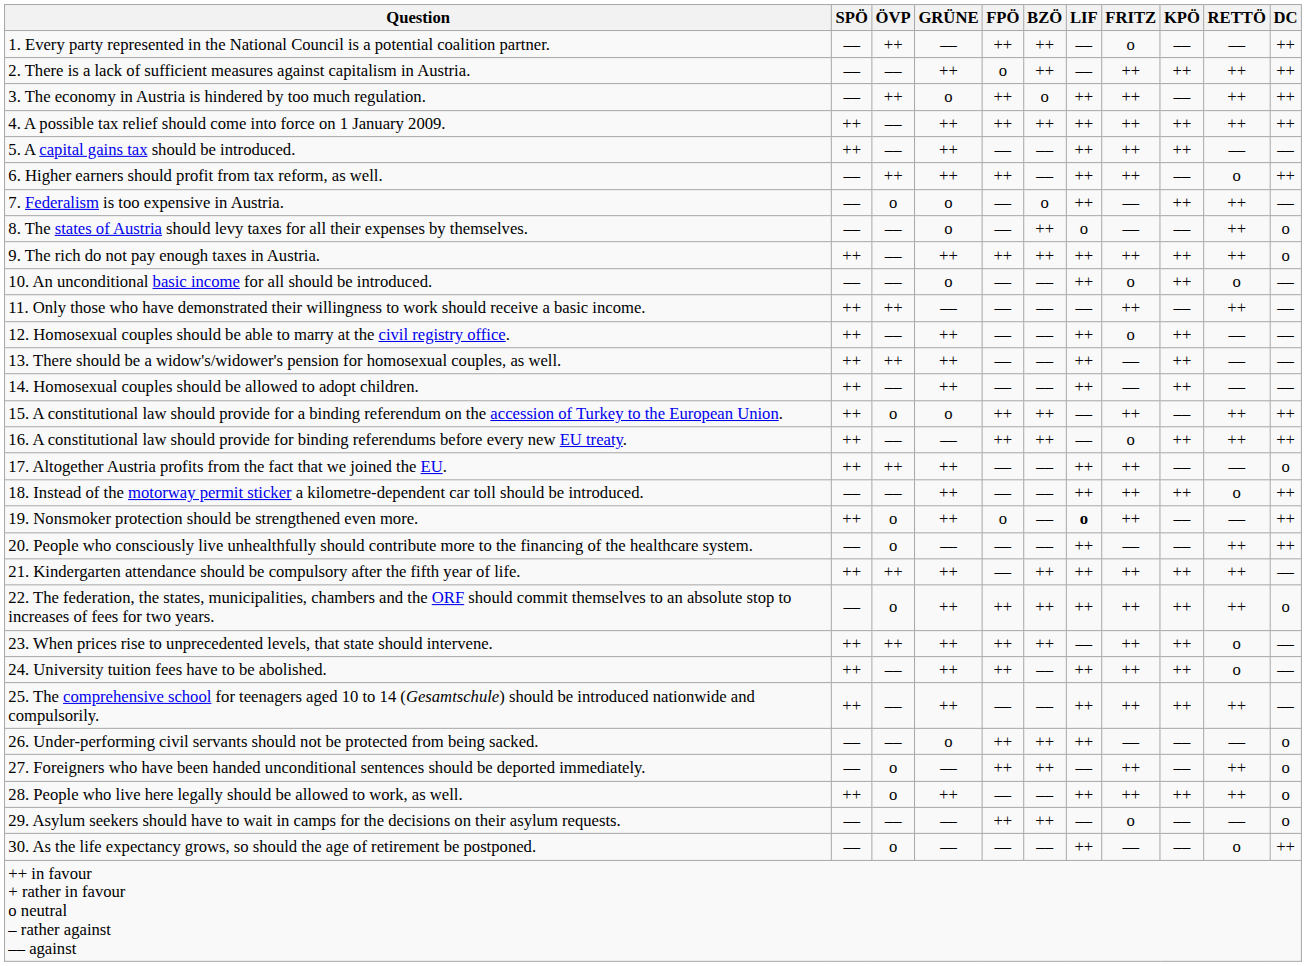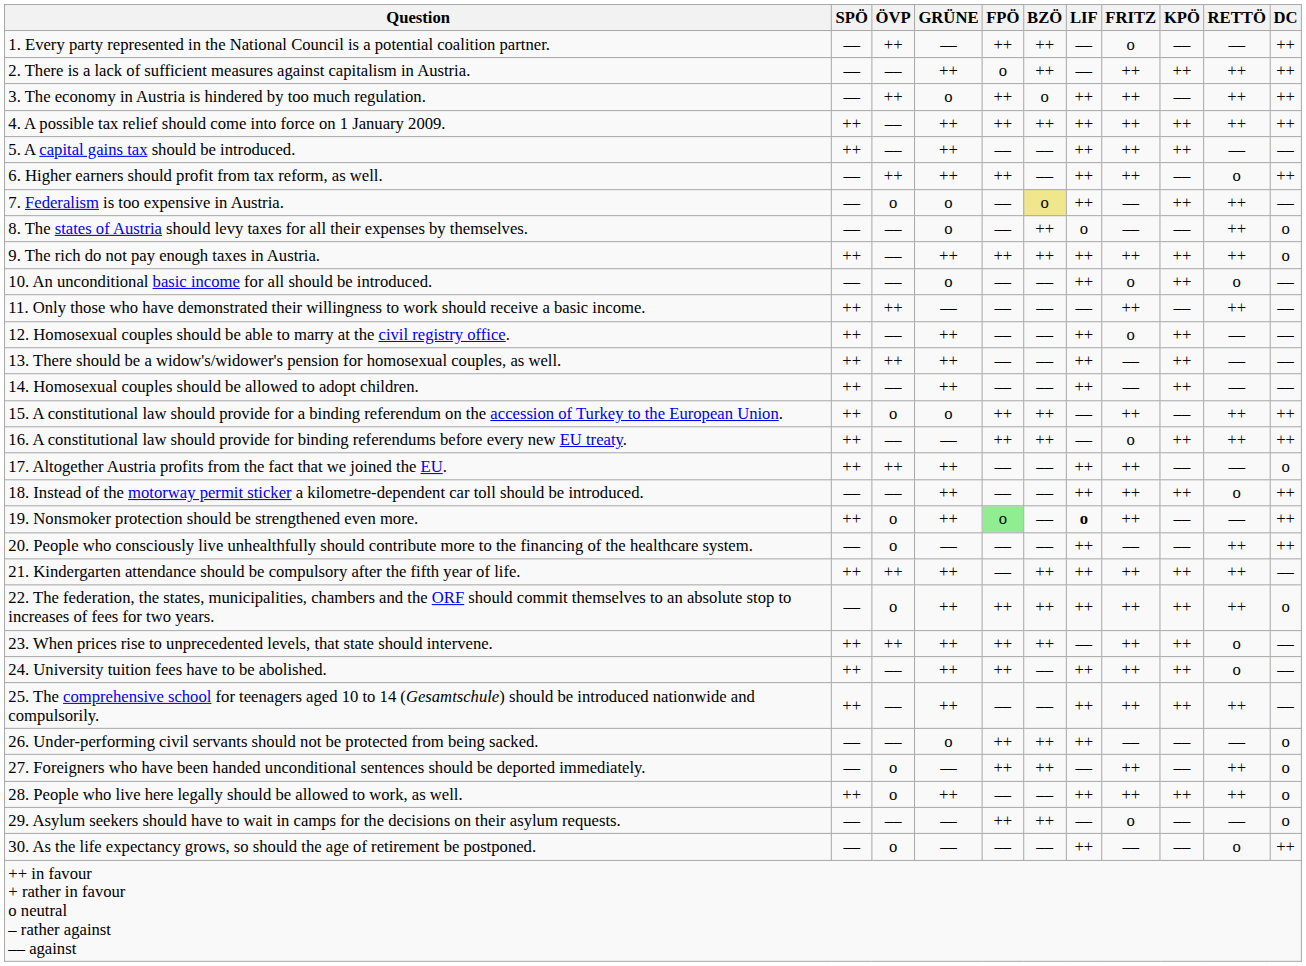 <table class="wikitable">
 <tr>
 <th>Question</th>
 <th>SPÖ</th>
 <th>ÖVP</th>
 <th>GRÜNE</th>
 <th>FPÖ</th>
 <th>BZÖ</th>
 <th>LIF</th>
 <th>FRITZ</th>
 <th>KPÖ</th>
 <th>RETTÖ</th>
 <th>DC</th>
 </tr>
 <tr>
 <td>1. Every party represented in the National Council is a potential coalition partner.</td>
 <td align="center">––</td>
 <td align="center">++</td>
 <td align="center">––</td>
 <td align="center">++</td>
 <td align="center">++</td>
 <td align="center">––</td>
 <td align="center">o</td>
 <td align="center">––</td>
 <td align="center">––</td>
 <td align="center">++</td>
 </tr>
 <tr>
 <td>2. There is a lack of sufficient measures against capitalism in Austria.</td>
 <td align="center">––</td>
 <td align="center">––</td>
 <td align="center">++</td>
 <td align="center">o</td>
 <td align="center">++</td>
 <td align="center">––</td>
 <td align="center">++</td>
 <td align="center">++</td>
 <td align="center">++</td>
 <td align="center">++</td>
 </tr>
 <tr>
 <td>3. The economy in Austria is hindered by too much regulation.</td>
 <td align="center">––</td>
 <td align="center">++</td>
 <td align="center">o</td>
 <td align="center">++</td>
 <td align="center">o</td>
 <td align="center">++</td>
 <td align="center">++</td>
 <td align="center">––</td>
 <td align="center">++</td>
 <td align="center">++</td>
 </tr>
 <tr>
 <td>4. A possible tax relief should come into force on 1 January 2009.</td>
 <td align="center">++</td>
 <td align="center">––</td>
 <td align="center">++</td>
 <td align="center">++</td>
 <td align="center">++</td>
 <td align="center">++</td>
 <td align="center">++</td>
 <td align="center">++</td>
 <td align="center">++</td>
 <td align="center">++</td>
 </tr>
 <tr>
 <td>5. A <a href='#'>capital gains tax</a> should be introduced.</td>
 <td align="center">++</td>
 <td align="center">––</td>
 <td align="center">++</td>
 <td align="center">––</td>
 <td align="center">––</td>
 <td align="center">++</td>
 <td align="center">++</td>
 <td align="center">++</td>
 <td align="center">––</td>
 <td align="center">––</td>
 </tr>
 <tr>
 <td>6. Higher earners should profit from tax reform, as well.</td>
 <td align="center">––</td>
 <td align="center">++</td>
 <td align="center">++</td>
 <td align="center">++</td>
 <td align="center">––</td>
 <td align="center">++</td>
 <td align="center">++</td>
 <td align="center">––</td>
 <td align="center">o</td>
 <td align="center">++</td>
 </tr>
 <tr>
 <td>7. <a href='#'>Federalism</a> is too expensive in Austria.</td>
 <td align="center">––</td>
 <td align="center">o</td>
 <td align="center">o</td>
 <td align="center">––</td>
-<td align="center">o</td>
+<td align="center" style="background: khaki;">o</td>
 <td align="center">++</td>
 <td align="center">––</td>
 <td align="center">++</td>
 <td align="center">++</td>
 <td align="center">––</td>
 </tr>
 <tr>
 <td>8. The <a href='#'>states of Austria</a> should levy taxes for all their expenses by themselves.</td>
 <td align="center">––</td>
 <td align="center">––</td>
 <td align="center">o</td>
 <td align="center">––</td>
 <td align="center">++</td>
 <td align="center">o</td>
 <td align="center">––</td>
 <td align="center">––</td>
 <td align="center">++</td>
 <td align="center">o</td>
 </tr>
 <tr>
 <td>9. The rich do not pay enough taxes in Austria.</td>
 <td align="center">++</td>
 <td align="center">––</td>
 <td align="center">++</td>
 <td align="center">++</td>
 <td align="center">++</td>
 <td align="center">++</td>
 <td align="center">++</td>
 <td align="center">++</td>
 <td align="center">++</td>
 <td align="center">o</td>
 </tr>
 <tr>
 <td>10. An unconditional <a href='#'>basic income</a> for all should be introduced.</td>
 <td align="center">––</td>
 <td align="center">––</td>
 <td align="center">o</td>
 <td align="center">––</td>
 <td align="center">––</td>
 <td align="center">++</td>
 <td align="center">o</td>
 <td align="center">++</td>
 <td align="center">o</td>
 <td align="center">––</td>
 </tr>
 <tr>
 <td>11. Only those who have demonstrated their willingness to work should receive a basic income.</td>
 <td align="center">++</td>
 <td align="center">++</td>
 <td align="center">––</td>
 <td align="center">––</td>
 <td align="center">––</td>
 <td align="center">––</td>
 <td align="center">++</td>
 <td align="center">––</td>
 <td align="center">++</td>
 <td align="center">––</td>
 </tr>
 <tr>
 <td>12. Homosexual couples should be able to marry at the <a href='#'>civil registry office</a>.</td>
 <td align="center">++</td>
 <td align="center">––</td>
 <td align="center">++</td>
 <td align="center">––</td>
 <td align="center">––</td>
 <td align="center">++</td>
 <td align="center">o</td>
 <td align="center">++</td>
 <td align="center">––</td>
 <td align="center">––</td>
 </tr>
 <tr>
 <td>13. There should be a widow's/widower's pension for homosexual couples, as well.</td>
 <td align="center">++</td>
 <td align="center">++</td>
 <td align="center">++</td>
 <td align="center">––</td>
 <td align="center">––</td>
 <td align="center">++</td>
 <td align="center">––</td>
 <td align="center">++</td>
 <td align="center">––</td>
 <td align="center">––</td>
 </tr>
 <tr>
 <td>14. Homosexual couples should be allowed to adopt children.</td>
 <td align="center">++</td>
 <td align="center">––</td>
 <td align="center">++</td>
 <td align="center">––</td>
 <td align="center">––</td>
 <td align="center">++</td>
 <td align="center">––</td>
 <td align="center">++</td>
 <td align="center">––</td>
 <td align="center">––</td>
 </tr>
 <tr>
 <td>15. A constitutional law should provide for a binding referendum on the <a href='#'>accession of Turkey to the European Union</a>.</td>
 <td align="center">++</td>
 <td align="center">o</td>
 <td align="center">o</td>
 <td align="center">++</td>
 <td align="center">++</td>
 <td align="center">––</td>
 <td align="center">++</td>
 <td align="center">––</td>
 <td align="center">++</td>
 <td align="center">++</td>
 </tr>
 <tr>
 <td>16. A constitutional law should provide for binding referendums before every new <a href='#'>EU treaty</a>.</td>
 <td align="center">++</td>
 <td align="center">––</td>
 <td align="center">––</td>
 <td align="center">++</td>
 <td align="center">++</td>
 <td align="center">––</td>
 <td align="center">o</td>
 <td align="center">++</td>
 <td align="center">++</td>
 <td align="center">++</td>
 </tr>
 <tr>
 <td>17. Altogether Austria profits from the fact that we joined the <a href='#'>EU</a>.</td>
 <td align="center">++</td>
 <td align="center">++</td>
 <td align="center">++</td>
 <td align="center">––</td>
 <td align="center">––</td>
 <td align="center">++</td>
 <td align="center">++</td>
 <td align="center">––</td>
 <td align="center">––</td>
 <td align="center">o</td>
 </tr>
 <tr>
 <td>18. Instead of the <a href='#'>motorway permit sticker</a> a kilometre-dependent car toll should be introduced.</td>
 <td align="center">––</td>
 <td align="center">––</td>
 <td align="center">++</td>
 <td align="center">––</td>
 <td align="center">––</td>
 <td align="center">++</td>
 <td align="center">++</td>
 <td align="center">++</td>
 <td align="center">o</td>
 <td align="center">++</td>
 </tr>
 <tr>
 <td>19. Nonsmoker protection should be strengthened even more.</td>
 <td align="center">++</td>
 <td align="center">o</td>
 <td align="center">++</td>
-<td align="center">o</td>
+<td align="center" style="background: lightgreen;">o</td>
 <td align="center">––</td>
 <td align="center"><strong>o</strong></td>
 <td align="center">++</td>
 <td align="center">––</td>
 <td align="center">––</td>
 <td align="center">++</td>
 </tr>
 <tr>
 <td>20. People who consciously live unhealthfully should contribute more to the financing of the healthcare system.</td>
 <td align="center">––</td>
 <td align="center">o</td>
 <td align="center">––</td>
 <td align="center">––</td>
 <td align="center">––</td>
 <td align="center">++</td>
 <td align="center">––</td>
 <td align="center">––</td>
 <td align="center">++</td>
 <td align="center">++</td>
 </tr>
 <tr>
 <td>21. Kindergarten attendance should be compulsory after the fifth year of life.</td>
 <td align="center">++</td>
 <td align="center">++</td>
 <td align="center">++</td>
 <td align="center">––</td>
 <td align="center">++</td>
 <td align="center">++</td>
 <td align="center">++</td>
 <td align="center">++</td>
 <td align="center">++</td>
 <td align="center">––</td>
 </tr>
 <tr>
 <td>22. The federation, the states, municipalities, chambers and the <a href='#'>ORF</a> should commit themselves to an absolute stop to increases of fees for two years.</td>
 <td align="center">––</td>
 <td align="center">o</td>
 <td align="center">++</td>
 <td align="center">++</td>
 <td align="center">++</td>
 <td align="center">++</td>
 <td align="center">++</td>
 <td align="center">++</td>
 <td align="center">++</td>
 <td align="center">o</td>
 </tr>
 <tr>
 <td>23. When prices rise to unprecedented levels, that state should intervene.</td>
 <td align="center">++</td>
 <td align="center">++</td>
 <td align="center">++</td>
 <td align="center">++</td>
 <td align="center">++</td>
 <td align="center">––</td>
 <td align="center">++</td>
 <td align="center">++</td>
 <td align="center">o</td>
 <td align="center">––</td>
 </tr>
 <tr>
 <td>24. University tuition fees have to be abolished.</td>
 <td align="center">++</td>
 <td align="center">––</td>
 <td align="center">++</td>
 <td align="center">++</td>
 <td align="center">––</td>
 <td align="center">++</td>
 <td align="center">++</td>
 <td align="center">++</td>
 <td align="center">o</td>
 <td align="center">––</td>
 </tr>
 <tr>
 <td>25. The <a href='#'>comprehensive school</a> for teenagers aged 10 to 14 (<em>Gesamtschule</em>) should be introduced nationwide and compulsorily.</td>
 <td align="center">++</td>
 <td align="center">––</td>
 <td align="center">++</td>
 <td align="center">––</td>
 <td align="center">––</td>
 <td align="center">++</td>
 <td align="center">++</td>
 <td align="center">++</td>
 <td align="center">++</td>
 <td align="center">––</td>
 </tr>
 <tr>
 <td>26. Under-performing civil servants should not be protected from being sacked.</td>
 <td align="center">––</td>
 <td align="center">––</td>
 <td align="center">o</td>
 <td align="center">++</td>
 <td align="center">++</td>
 <td align="center">++</td>
 <td align="center">––</td>
 <td align="center">––</td>
 <td align="center">––</td>
 <td align="center">o</td>
 </tr>
 <tr>
 <td>27. Foreigners who have been handed unconditional sentences should be deported immediately.</td>
 <td align="center">––</td>
 <td align="center">o</td>
 <td align="center">––</td>
 <td align="center">++</td>
 <td align="center">++</td>
 <td align="center">––</td>
 <td align="center">++</td>
 <td align="center">––</td>
 <td align="center">++</td>
 <td align="center">o</td>
 </tr>
 <tr>
 <td>28. People who live here legally should be allowed to work, as well.</td>
 <td align="center">++</td>
 <td align="center">o</td>
 <td align="center">++</td>
 <td align="center">––</td>
 <td align="center">––</td>
 <td align="center">++</td>
 <td align="center">++</td>
 <td align="center">++</td>
 <td align="center">++</td>
 <td align="center">o</td>
 </tr>
 <tr>
 <td>29. Asylum seekers should have to wait in camps for the decisions on their asylum requests.</td>
 <td align="center">––</td>
 <td align="center">––</td>
 <td align="center">––</td>
 <td align="center">++</td>
 <td align="center">++</td>
 <td align="center">––</td>
 <td align="center">o</td>
 <td align="center">––</td>
 <td align="center">––</td>
 <td align="center">o</td>
 </tr>
 <tr>
 <td>30. As the life expectancy grows, so should the age of retirement be postponed.</td>
 <td align="center">––</td>
 <td align="center">o</td>
 <td align="center">––</td>
 <td align="center">––</td>
 <td align="center">––</td>
 <td align="center">++</td>
 <td align="center">––</td>
 <td align="center">––</td>
 <td align="center">o</td>
 <td align="center">++</td>
 </tr>
 <tr>
 <td colspan="11">++ in favour<br>+ rather in favour<br>o neutral<br>– rather against<br>–– against</td>
 </tr>
 </table>
